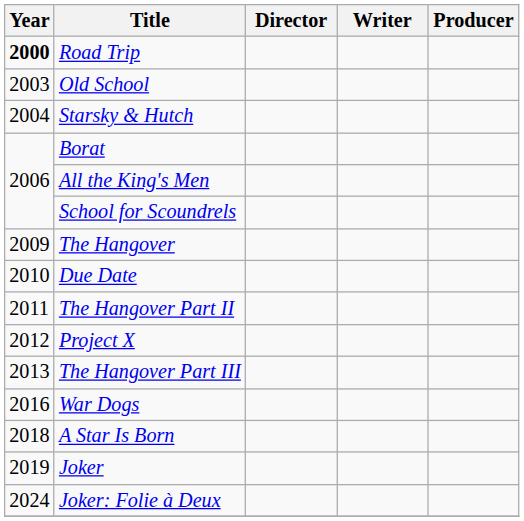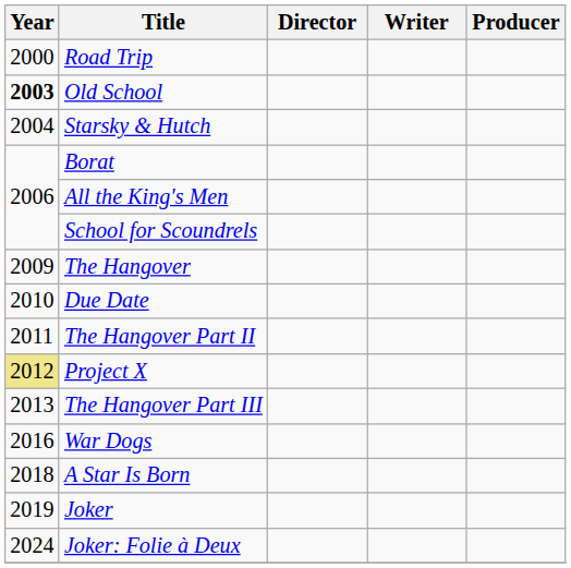 <table class="wikitable">
 <tr>
 <th>Year</th>
 <th>Title</th>
 <th width="65">Director</th>
 <th width="65">Writer</th>
 <th width="65">Producer</th>
 </tr>
 <tr>
-<td><strong>2000</strong></td>
+<td>2000</td>
 <td><em><a href='#'>Road Trip</a></em></td>
 <td></td>
 <td></td>
 <td></td>
 </tr>
 <tr>
-<td>2003</td>
+<td><strong>2003</strong></td>
 <td><em><a href='#'>Old School</a></em></td>
 <td></td>
 <td></td>
 <td></td>
 </tr>
 <tr>
 <td>2004</td>
 <td><em><a href='#'>Starsky & Hutch</a></em></td>
 <td></td>
 <td></td>
 <td></td>
 </tr>
 <tr>
 <td rowspan=3>2006</td>
 <td><em><a href='#'>Borat</a></em></td>
 <td></td>
 <td></td>
 <td></td>
 </tr>
 <tr>
 <td><em><a href='#'>All the King's Men</a></em></td>
 <td></td>
 <td></td>
 <td></td>
 </tr>
 <tr>
 <td><em><a href='#'>School for Scoundrels</a></em></td>
 <td></td>
 <td></td>
 <td></td>
 </tr>
 <tr>
 <td>2009</td>
 <td><em><a href='#'>The Hangover</a></em></td>
 <td></td>
 <td></td>
 <td></td>
 </tr>
 <tr>
 <td>2010</td>
 <td><em><a href='#'>Due Date</a></em></td>
 <td></td>
 <td></td>
 <td></td>
 </tr>
 <tr>
 <td>2011</td>
 <td><em><a href='#'>The Hangover Part II</a></em></td>
 <td></td>
 <td></td>
 <td></td>
 </tr>
 <tr>
-<td>2012</td>
+<td style="background: khaki;">2012</td>
 <td><em><a href='#'>Project X</a></em></td>
 <td></td>
 <td></td>
 <td></td>
 </tr>
 <tr>
 <td>2013</td>
 <td><em><a href='#'>The Hangover Part III</a></em></td>
 <td></td>
 <td></td>
 <td></td>
 </tr>
 <tr>
 <td>2016</td>
 <td><em><a href='#'>War Dogs</a></em></td>
 <td></td>
 <td></td>
 <td></td>
 </tr>
 <tr>
 <td>2018</td>
 <td><em><a href='#'>A Star Is Born</a></em></td>
 <td></td>
 <td></td>
 <td></td>
 </tr>
 <tr>
 <td>2019</td>
 <td><em><a href='#'>Joker</a></em></td>
 <td></td>
 <td></td>
 <td></td>
 </tr>
 <tr>
 <td>2024</td>
 <td><em><a href='#'>Joker: Folie à Deux</a></em></td>
 <td></td>
 <td></td>
 <td></td>
 </tr>
 <tr>
 </tr>
 </table>
